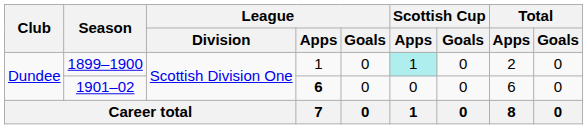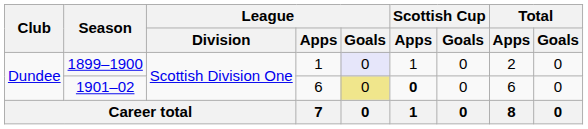 <table class="wikitable" style="text-align: center;">
 <tr>
 <th rowspan="2">Club</th>
 <th rowspan="2">Season</th>
 <th colspan="3">League</th>
 <th colspan="2">Scottish Cup</th>
 <th colspan="2">Total</th>
 </tr>
 <tr>
 <th>Division</th>
 <th>Apps</th>
 <th>Goals</th>
 <th>Apps</th>
 <th>Goals</th>
 <th>Apps</th>
 <th>Goals</th>
 </tr>
 <tr>
 <td rowspan="2"><a href='#'>Dundee</a></td>
 <td><a href='#'>1899–1900</a></td>
 <td rowspan="2"><a href='#'>Scottish Division One</a></td>
 <td>1</td>
-<td>0</td>
-<td style="background: paleturquoise;">1</td>
+<td style="background: lavender;">0</td>
+<td>1</td>
 <td>0</td>
 <td>2</td>
 <td>0</td>
 </tr>
 <tr>
 <td><a href='#'>1901–02</a></td>
-<td><strong>6</strong></td>
-<td>0</td>
-<td>0</td>
+<td>6</td>
+<td style="background: khaki;">0</td>
+<td><strong>0</strong></td>
 <td>0</td>
 <td>6</td>
 <td>0</td>
 </tr>
 <tr>
 <th colspan="3">Career total</th>
 <th>7</th>
 <th>0</th>
 <th>1</th>
 <th>0</th>
 <th>8</th>
 <th>0</th>
 </tr>
 </table>
